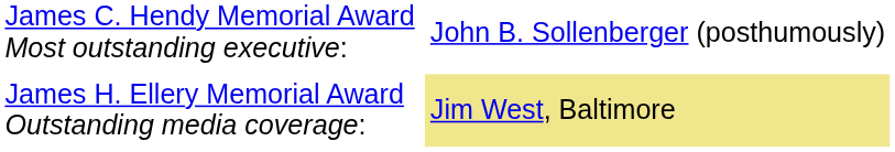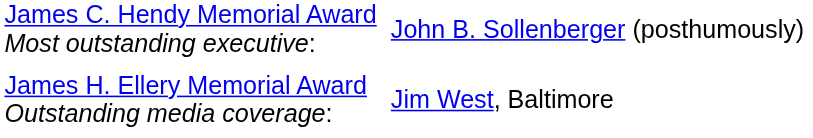 <table cellpadding="3" cellspacing="3">
 <tr>
 <td><a href='#'>James C. Hendy Memorial Award</a><br><em>Most outstanding executive</em>:</td>
 <td><a href='#'>John B. Sollenberger</a> (posthumously)</td>
 </tr>
 <tr>
 <td><a href='#'>James H. Ellery Memorial Award</a> <br><em>Outstanding media coverage</em>:</td>
-<td style="background: khaki;"><a href='#'>Jim West</a>, Baltimore</td>
+<td><a href='#'>Jim West</a>, Baltimore</td>
 </tr>
 </table>
